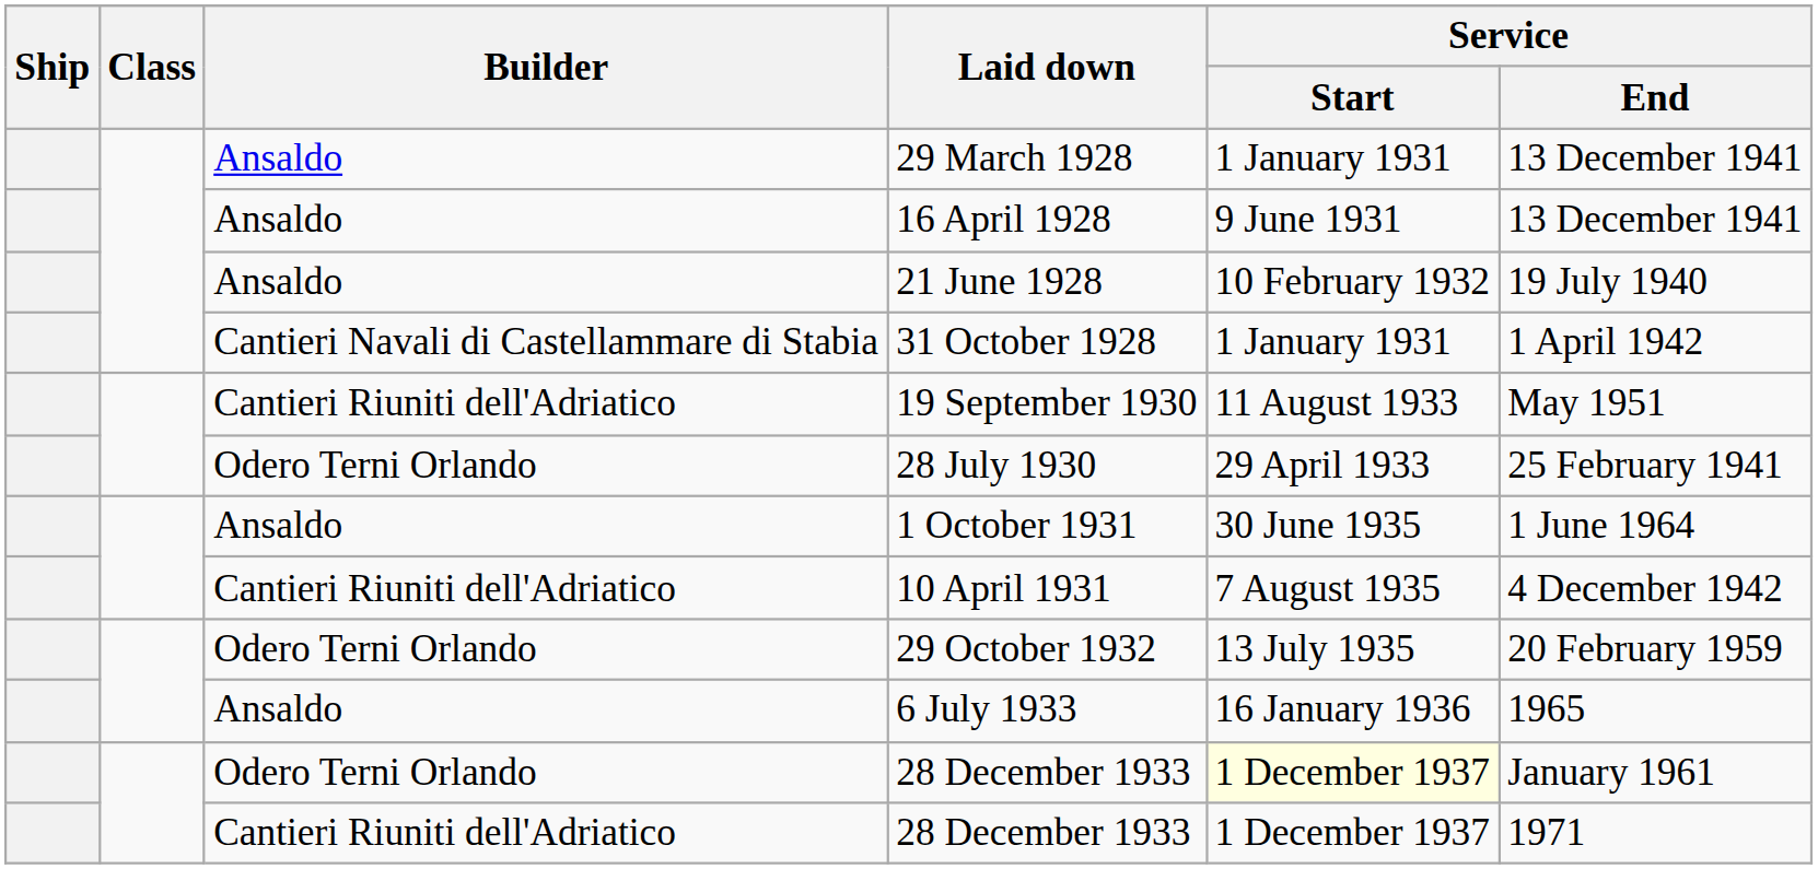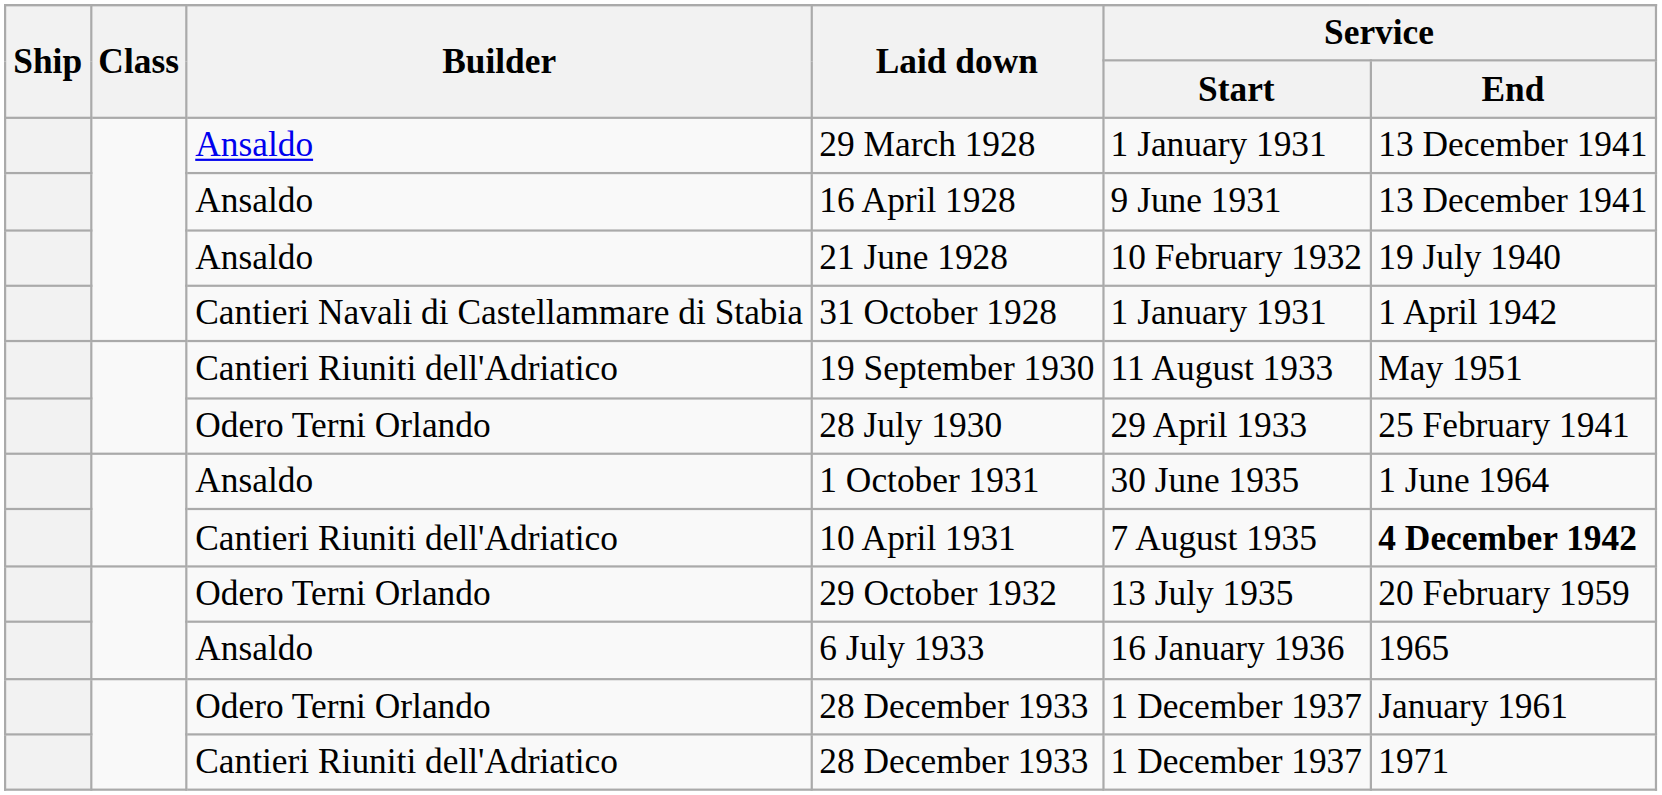 <table class="wikitable sortable plainrowheaders">
 <tr>
 </tr>
 <tr>
 <th scope="col" rowspan=2>Ship</th>
 <th scope="col" rowspan=2>Class</th>
 <th scope="col" rowspan=2>Builder</th>
 <th scope="col" rowspan=2>Laid down</th>
 <th scope="col" colspan=2>Service</th>
 </tr>
 <tr>
 <th scope="col">Start</th>
 <th scope="col">End</th>
 </tr>
 <tr>
 <th scope="row"></th>
 <td rowspan=4></td>
 <td><a href='#'>Ansaldo</a></td>
 <td>29 March 1928</td>
 <td>1 January 1931</td>
 <td>13 December 1941</td>
 </tr>
 <tr>
 <th scope="row"></th>
 <td>Ansaldo</td>
 <td>16 April 1928</td>
 <td>9 June 1931</td>
 <td>13 December 1941</td>
 </tr>
 <tr>
 <th scope="row"></th>
 <td>Ansaldo</td>
 <td>21 June 1928</td>
 <td>10 February 1932</td>
 <td>19 July 1940</td>
 </tr>
 <tr>
 <th scope="row"></th>
 <td>Cantieri Navali di Castellammare di Stabia</td>
 <td>31 October 1928</td>
 <td>1 January 1931</td>
 <td>1 April 1942</td>
 </tr>
 <tr>
 <th scope="row"></th>
 <td rowspan=2></td>
 <td>Cantieri Riuniti dell'Adriatico</td>
 <td>19 September 1930</td>
 <td>11 August 1933</td>
 <td>May 1951</td>
 </tr>
 <tr>
 <th scope="row"></th>
 <td>Odero Terni Orlando</td>
 <td>28 July 1930</td>
 <td>29 April 1933</td>
 <td>25 February 1941</td>
 </tr>
 <tr>
 <th scope="row"></th>
 <td rowspan=2></td>
 <td>Ansaldo</td>
 <td>1 October 1931</td>
 <td>30 June 1935</td>
 <td>1 June 1964</td>
 </tr>
 <tr>
 <th scope="row"></th>
 <td>Cantieri Riuniti dell'Adriatico</td>
 <td>10 April 1931</td>
 <td>7 August 1935</td>
-<td>4 December 1942</td>
+<td><strong>4 December 1942</strong></td>
 </tr>
 <tr>
 <th scope="row"></th>
 <td rowspan=2></td>
 <td>Odero Terni Orlando</td>
 <td>29 October 1932</td>
 <td>13 July 1935</td>
 <td>20 February 1959</td>
 </tr>
 <tr>
 <th scope="row"></th>
 <td>Ansaldo</td>
 <td>6 July 1933</td>
 <td>16 January 1936</td>
 <td>1965</td>
 </tr>
 <tr>
 <th scope="row"></th>
 <td rowspan=2></td>
 <td>Odero Terni Orlando</td>
 <td>28 December 1933</td>
-<td style="background: lightyellow;">1 December 1937</td>
+<td>1 December 1937</td>
 <td>January 1961</td>
 </tr>
 <tr>
 <th scope="row"></th>
 <td>Cantieri Riuniti dell'Adriatico</td>
 <td>28 December 1933</td>
 <td>1 December 1937</td>
 <td>1971</td>
 </tr>
 </table>
